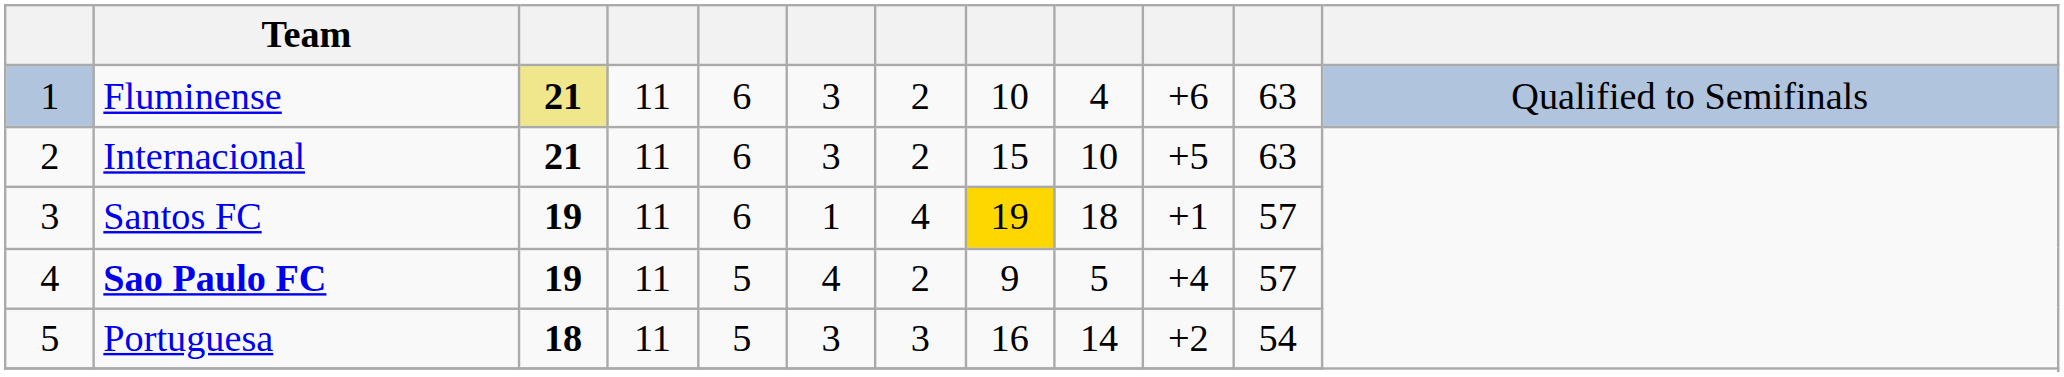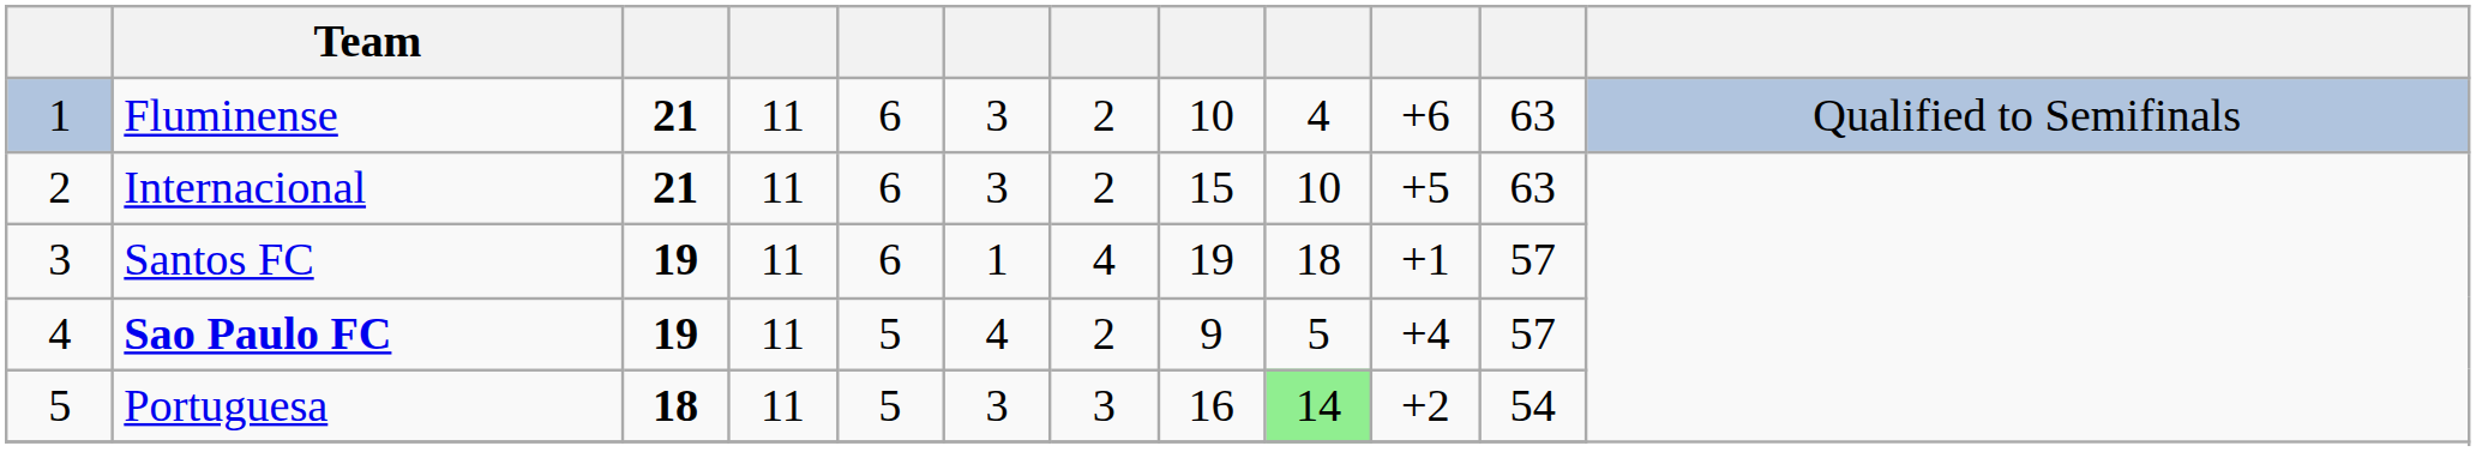 <table class="wikitable">
 <tr>
 <th width="30"></th>
 <th width="170">Team</th>
 <th width="30"></th>
 <th width="30"></th>
 <th width="30"></th>
 <th width="30"></th>
 <th width="30"></th>
 <th width="30"></th>
 <th width="30"></th>
 <th width="30"></th>
 <th width="30"></th>
 <th width="300"></th>
 </tr>
 <tr style="text-align:center;">
 <td bgcolor=#B0C4DE>1</td>
 <td style="text-align:left;"><a href='#'>Fluminense</a></td>
-<td style="background: khaki;"><strong>21</strong></td>
+<td><strong>21</strong></td>
 <td>11</td>
 <td>6</td>
 <td>3</td>
 <td>2</td>
 <td>10</td>
 <td>4</td>
 <td>+6</td>
 <td>63</td>
 <td rowspan="1" bgcolor=#B0C4DE>Qualified to Semifinals</td>
 </tr>
 <tr style="text-align:center;">
 <td>2</td>
 <td style="text-align:left;"><a href='#'>Internacional</a></td>
 <td><strong>21</strong></td>
 <td>11</td>
 <td>6</td>
 <td>3</td>
 <td>2</td>
 <td>15</td>
 <td>10</td>
 <td>+5</td>
 <td>63</td>
 <td rowspan="11"></td>
 </tr>
 <tr style="text-align:center;">
 <td>3</td>
 <td style="text-align:left;"><a href='#'>Santos FC</a></td>
 <td><strong>19</strong></td>
 <td>11</td>
 <td>6</td>
 <td>1</td>
 <td>4</td>
-<td style="background: gold;">19</td>
+<td>19</td>
 <td>18</td>
 <td>+1</td>
 <td>57</td>
 </tr>
 <tr style="text-align:center;">
 <td>4</td>
 <td style="text-align:left;"><strong><a href='#'>Sao Paulo FC</a></strong></td>
 <td><strong>19</strong></td>
 <td>11</td>
 <td>5</td>
 <td>4</td>
 <td>2</td>
 <td>9</td>
 <td>5</td>
 <td>+4</td>
 <td>57</td>
 </tr>
 <tr style="text-align:center;">
 <td>5</td>
 <td style="text-align:left;"><a href='#'>Portuguesa</a></td>
 <td><strong>18</strong></td>
 <td>11</td>
 <td>5</td>
 <td>3</td>
 <td>3</td>
 <td>16</td>
-<td>14</td>
+<td style="background: lightgreen;">14</td>
 <td>+2</td>
 <td>54</td>
 </tr>
 <tr style="text-align:center;">
 </tr>
 </table>
